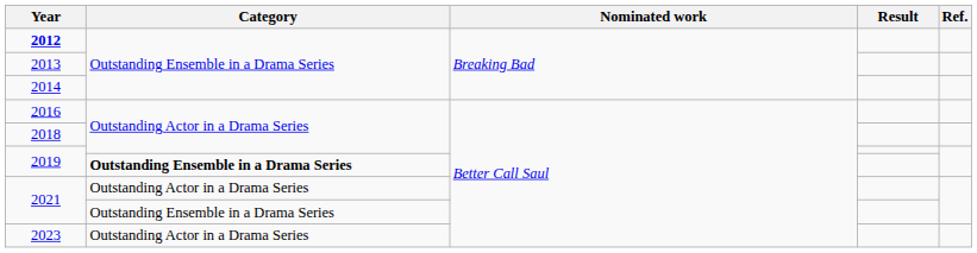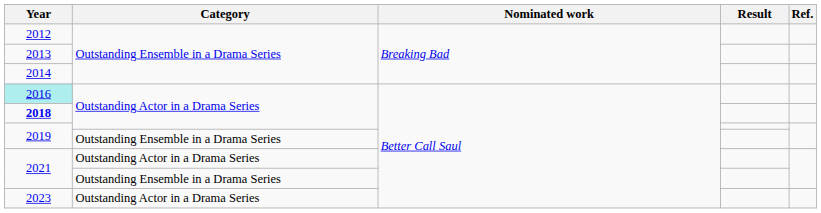 <table class=wikitable>
 <tr>
 <th scope="col" style="width:5em;">Year</th>
 <th scope="col" style="width:24em;">Category</th>
 <th scope="col" style="width:27em;">Nominated work</th>
 <th scope="col" style="width:5em;">Result</th>
 <th>Ref.</th>
 </tr>
 <tr>
-<td style="text-align:center;"><strong><a href='#'>2012</a></strong></td>
+<td style="text-align:center;"><a href='#'>2012</a></td>
 <td rowspan="3"><a href='#'>Outstanding Ensemble in a Drama Series</a></td>
 <td rowspan="3"><em><a href='#'>Breaking Bad</a></em></td>
 <td></td>
 <td style="text-align:center;"></td>
 </tr>
 <tr>
 <td style="text-align:center;"><a href='#'>2013</a></td>
 <td></td>
 <td style="text-align:center;"></td>
 </tr>
 <tr>
 <td style="text-align:center;"><a href='#'>2014</a></td>
 <td></td>
 <td style="text-align:center;"></td>
 </tr>
 <tr>
-<td style="text-align:center;"><a href='#'>2016</a></td>
+<td style="background: paleturquoise; text-align:center;"><a href='#'>2016</a></td>
 <td rowspan="3"><a href='#'>Outstanding Actor in a Drama Series</a></td>
 <td rowspan="7"><em><a href='#'>Better Call Saul</a></em></td>
 <td></td>
 <td style="text-align:center;"></td>
 </tr>
 <tr>
-<td style="text-align:center;"><a href='#'>2018</a></td>
+<td style="text-align:center;"><strong><a href='#'>2018</a></strong></td>
 <td></td>
 <td style="text-align:center;"></td>
 </tr>
 <tr>
 <td style="text-align:center;", rowspan="2"><a href='#'>2019</a></td>
 <td></td>
 <td style="text-align:center;" rowspan="2"></td>
 </tr>
 <tr>
-<td><strong>Outstanding Ensemble in a Drama Series</strong></td>
+<td>Outstanding Ensemble in a Drama Series</td>
 <td></td>
 </tr>
 <tr>
 <td style="text-align:center;", rowspan="2"><a href='#'>2021</a></td>
 <td>Outstanding Actor in a Drama Series</td>
 <td></td>
 <td style="text-align:center;" rowspan="2"></td>
 </tr>
 <tr>
 <td>Outstanding Ensemble in a Drama Series</td>
 <td></td>
 </tr>
 <tr>
 <td style="text-align:center;"><a href='#'>2023</a></td>
 <td>Outstanding Actor in a Drama Series</td>
 <td></td>
 <td style="text-align:center;"></td>
 </tr>
 </table>
